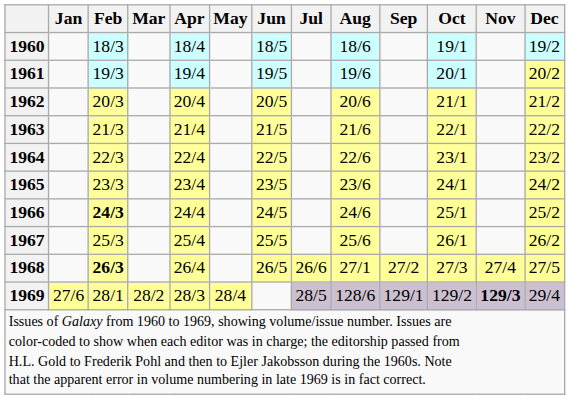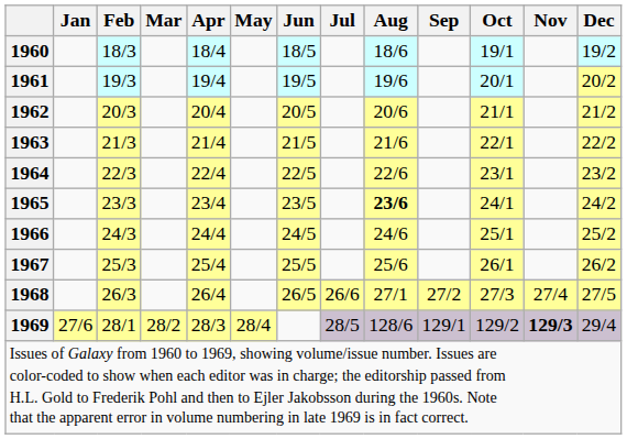 <table class="wikitable" style="font-size: 10pt; line-height: 11pt; margin-left: 2em; text-align: center; float: right">
 <tr>
 <th></th>
 <th>Jan</th>
 <th>Feb</th>
 <th>Mar</th>
 <th>Apr</th>
 <th>May</th>
 <th>Jun</th>
 <th>Jul</th>
 <th>Aug</th>
 <th>Sep</th>
 <th>Oct</th>
 <th>Nov</th>
 <th>Dec</th>
 </tr>
 <tr>
 <th>1960</th>
 <td></td>
 <td bgcolor=#ccffff>18/3</td>
 <td></td>
 <td bgcolor=#ccffff>18/4</td>
 <td></td>
 <td bgcolor=#ccffff>18/5</td>
 <td></td>
 <td bgcolor=#ccffff>18/6</td>
 <td></td>
 <td bgcolor=#ccffff>19/1</td>
 <td></td>
 <td bgcolor=#ccffff>19/2</td>
 </tr>
 <tr>
 <th>1961</th>
 <td></td>
 <td bgcolor=#ccffff>19/3</td>
 <td></td>
 <td bgcolor=#ccffff>19/4</td>
 <td></td>
 <td bgcolor=#ccffff>19/5</td>
 <td></td>
 <td bgcolor=#ccffff>19/6</td>
 <td></td>
 <td bgcolor=#ccffff>20/1</td>
 <td></td>
 <td bgcolor=#ffff99>20/2</td>
 </tr>
 <tr>
 <th>1962</th>
 <td></td>
 <td bgcolor=#ffff99>20/3</td>
 <td></td>
 <td bgcolor=#ffff99>20/4</td>
 <td></td>
 <td bgcolor=#ffff99>20/5</td>
 <td></td>
 <td bgcolor=#ffff99>20/6</td>
 <td></td>
 <td bgcolor=#ffff99>21/1</td>
 <td></td>
 <td bgcolor=#ffff99>21/2</td>
 </tr>
 <tr>
 <th>1963</th>
 <td></td>
 <td bgcolor=#ffff99>21/3</td>
 <td></td>
 <td bgcolor=#ffff99>21/4</td>
 <td></td>
 <td bgcolor=#ffff99>21/5</td>
 <td></td>
 <td bgcolor=#ffff99>21/6</td>
 <td></td>
 <td bgcolor=#ffff99>22/1</td>
 <td></td>
 <td bgcolor=#ffff99>22/2</td>
 </tr>
 <tr>
 <th>1964</th>
 <td></td>
 <td bgcolor=#ffff99>22/3</td>
 <td></td>
 <td bgcolor=#ffff99>22/4</td>
 <td></td>
 <td bgcolor=#ffff99>22/5</td>
 <td></td>
 <td bgcolor=#ffff99>22/6</td>
 <td></td>
 <td bgcolor=#ffff99>23/1</td>
 <td></td>
 <td bgcolor=#ffff99>23/2</td>
 </tr>
 <tr>
 <th>1965</th>
 <td></td>
 <td bgcolor=#ffff99>23/3</td>
 <td></td>
 <td bgcolor=#ffff99>23/4</td>
 <td></td>
 <td bgcolor=#ffff99>23/5</td>
 <td></td>
-<td bgcolor=#ffff99>23/6</td>
+<td bgcolor=#ffff99><strong>23/6</strong></td>
 <td></td>
 <td bgcolor=#ffff99>24/1</td>
 <td></td>
 <td bgcolor=#ffff99>24/2</td>
 </tr>
 <tr>
 <th>1966</th>
 <td></td>
-<td bgcolor=#ffff99><strong>24/3</strong></td>
+<td bgcolor=#ffff99>24/3</td>
 <td></td>
 <td bgcolor=#ffff99>24/4</td>
 <td></td>
 <td bgcolor=#ffff99>24/5</td>
 <td></td>
 <td bgcolor=#ffff99>24/6</td>
 <td></td>
 <td bgcolor=#ffff99>25/1</td>
 <td></td>
 <td bgcolor=#ffff99>25/2</td>
 </tr>
 <tr>
 <th>1967</th>
 <td></td>
 <td bgcolor=#ffff99>25/3</td>
 <td></td>
 <td bgcolor=#ffff99>25/4</td>
 <td></td>
 <td bgcolor=#ffff99>25/5</td>
 <td></td>
 <td bgcolor=#ffff99>25/6</td>
 <td></td>
 <td bgcolor=#ffff99>26/1</td>
 <td></td>
 <td bgcolor=#ffff99>26/2</td>
 </tr>
 <tr>
 <th>1968</th>
 <td></td>
-<td bgcolor=#ffff99><strong>26/3</strong></td>
+<td bgcolor=#ffff99>26/3</td>
 <td></td>
 <td bgcolor=#ffff99>26/4</td>
 <td></td>
 <td bgcolor=#ffff99>26/5</td>
 <td bgcolor=#ffff99>26/6</td>
 <td bgcolor=#ffff99>27/1</td>
 <td bgcolor=#ffff99>27/2</td>
 <td bgcolor=#ffff99>27/3</td>
 <td bgcolor=#ffff99>27/4</td>
 <td bgcolor=#ffff99>27/5</td>
 </tr>
 <tr>
 <th>1969</th>
 <td bgcolor=#ffff99>27/6</td>
 <td bgcolor=#ffff99>28/1</td>
 <td bgcolor=#ffff99>28/2</td>
 <td bgcolor=#ffff99>28/3</td>
 <td bgcolor=#ffff99>28/4</td>
 <td></td>
 <td bgcolor=#ccc0d0>28/5</td>
 <td bgcolor=#ccc0d0>128/6</td>
 <td bgcolor="#ccc0d0">129/1</td>
 <td bgcolor="#ccc0d0">129/2</td>
 <td bgcolor="#ccc0d0"><strong>129/3</strong></td>
 <td bgcolor="#ccc0d0">29/4</td>
 </tr>
 <tr>
 <td colspan="13" style="font-size: 8pt; text-align:left">Issues of <em>Galaxy</em> from 1960 to 1969, showing volume/issue number. Issues are<br>color-coded to show when each editor was in charge; the editorship passed from<br>H.L. Gold to Frederik Pohl and then to Ejler Jakobsson during the 1960s.  Note<br>that the apparent error in volume numbering in late 1969 is in fact correct.</td>
 </tr>
 </table>
